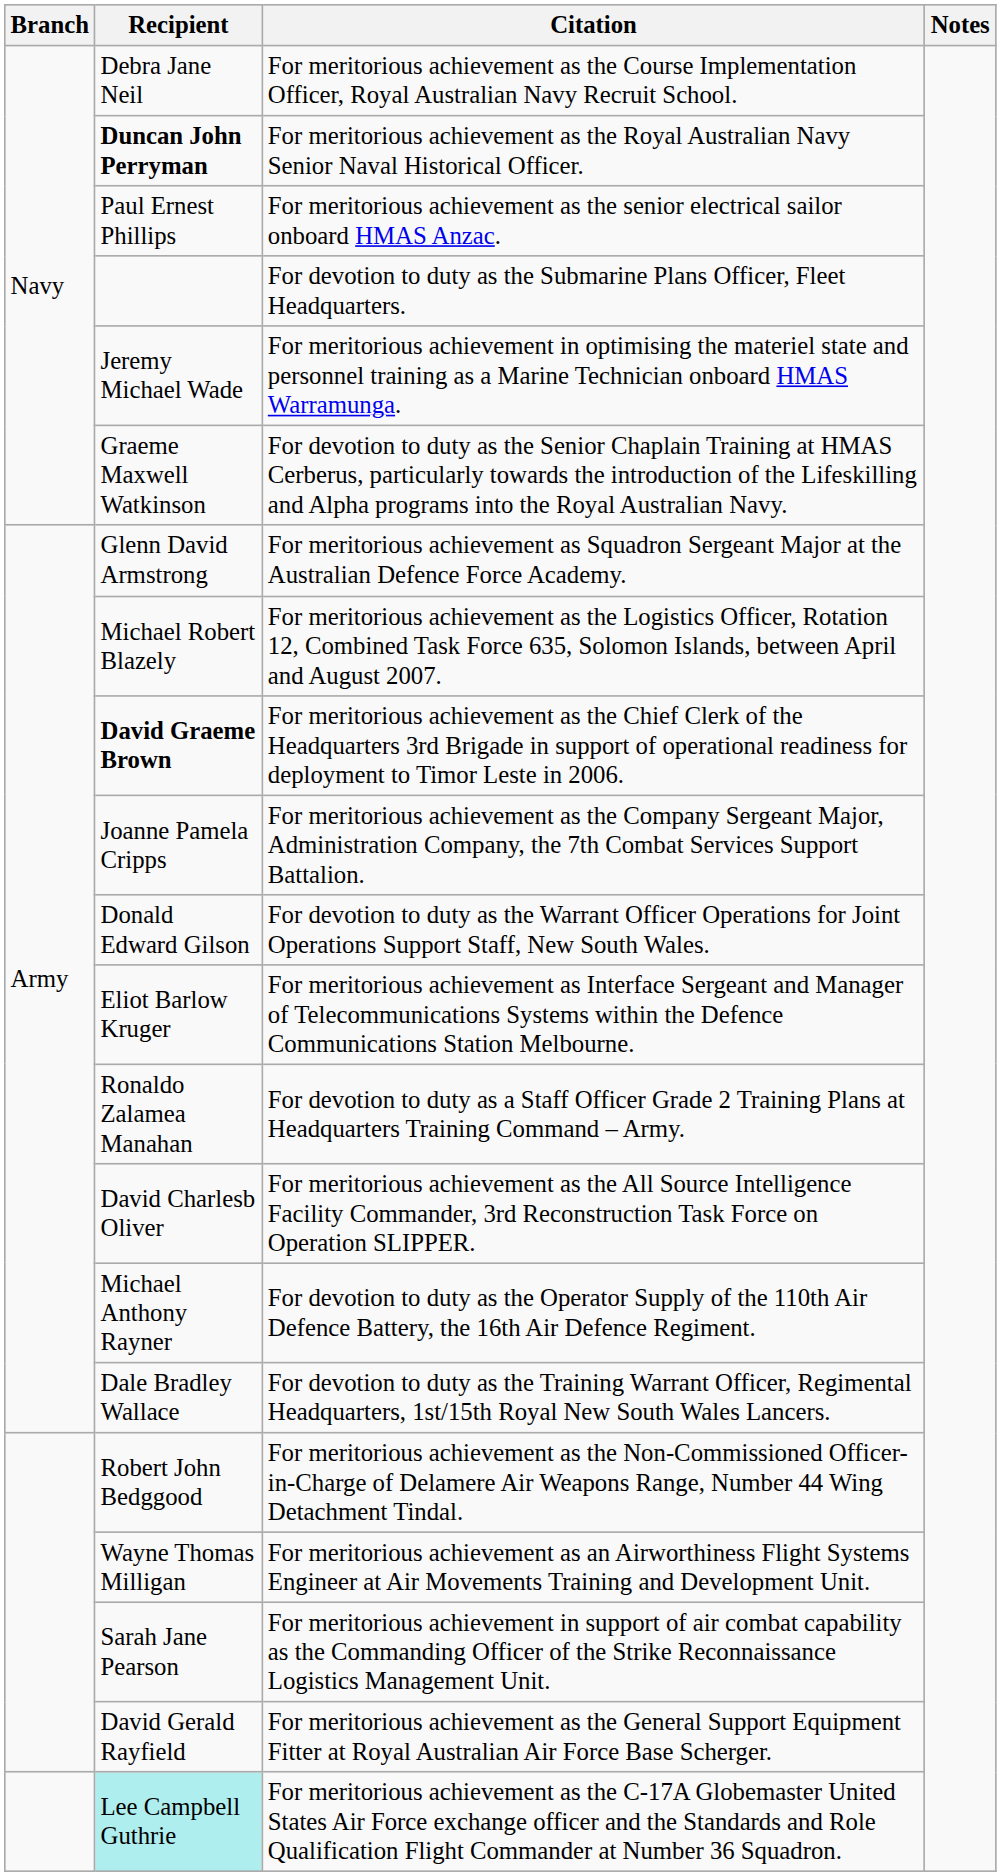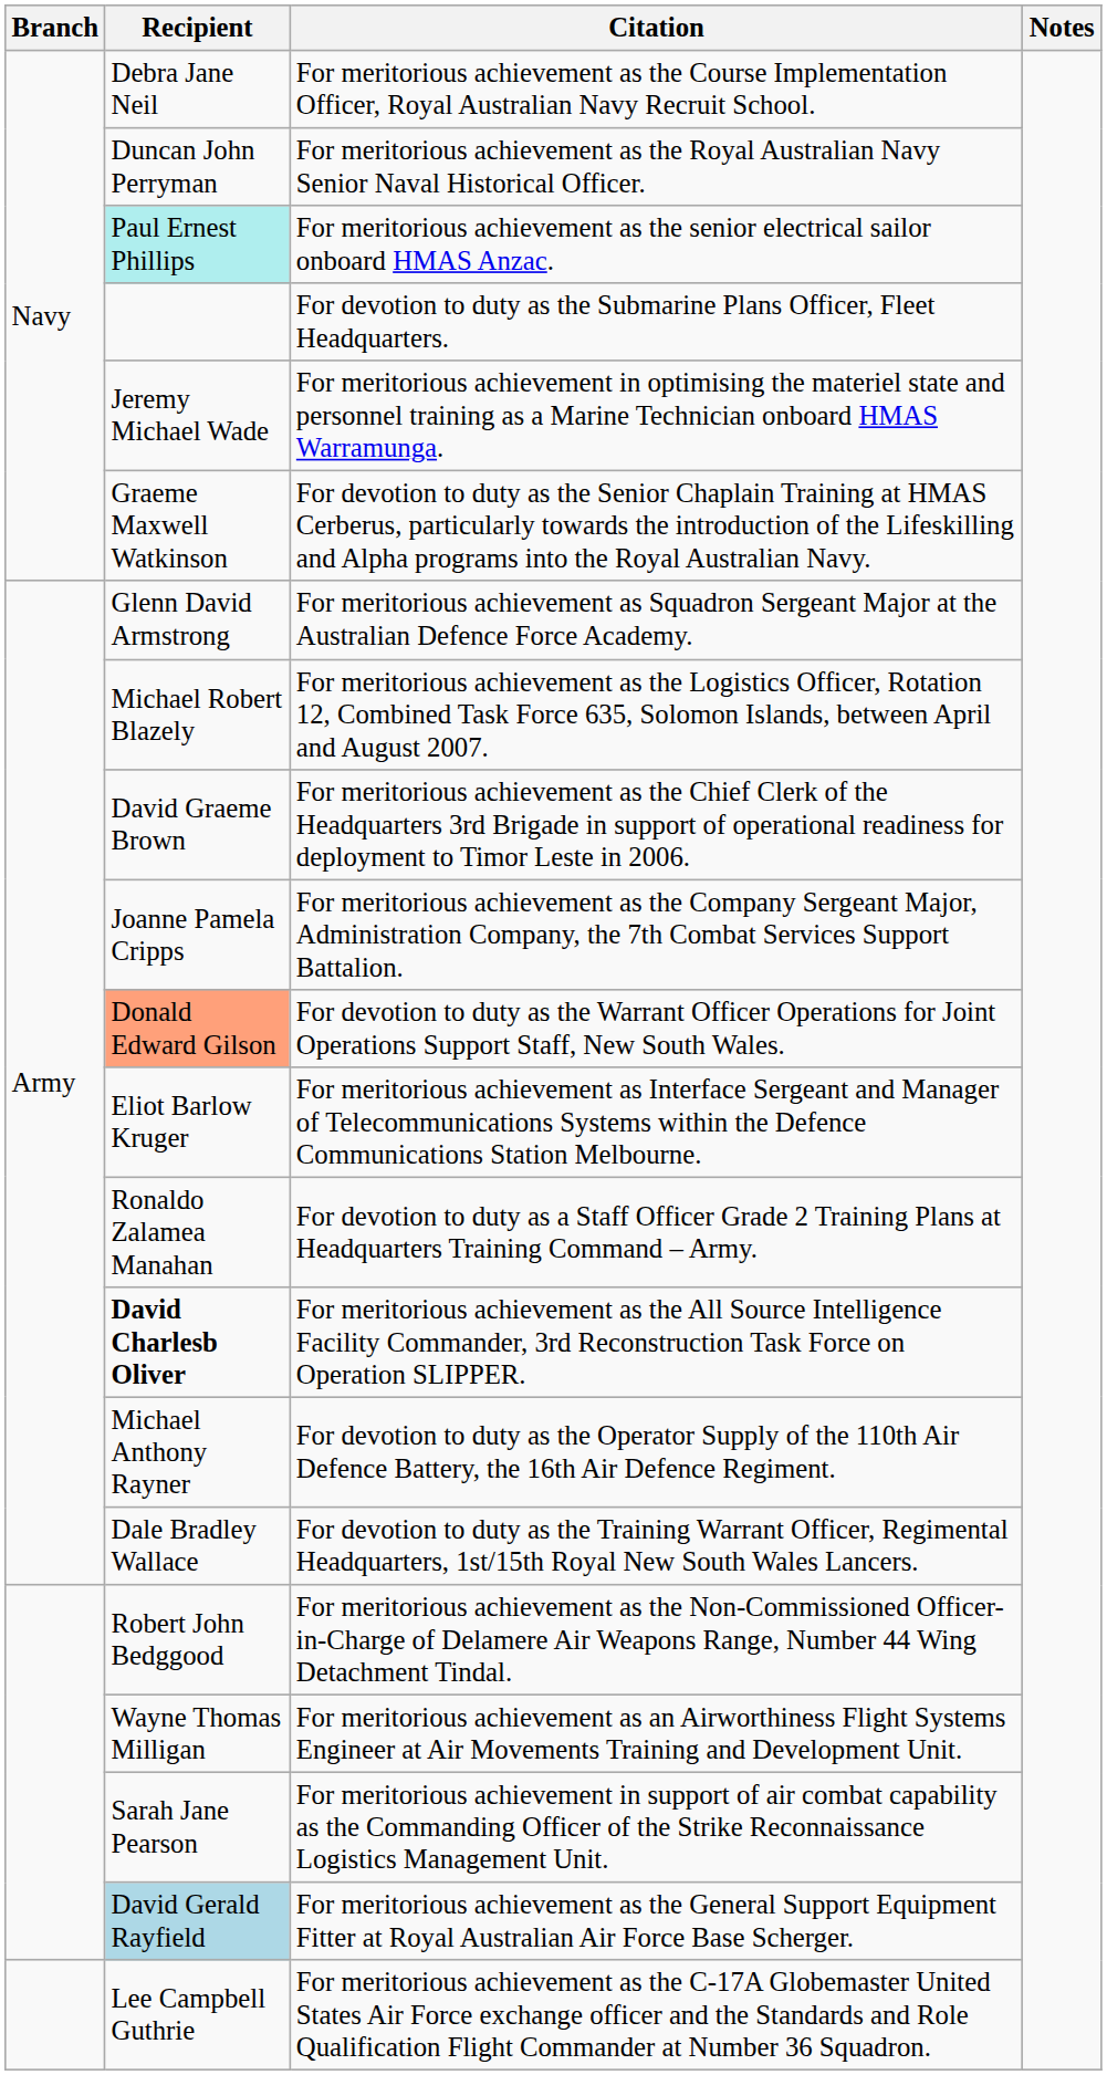 <table class="wikitable" style="font-size:95%;">
 <tr>
 <th>Branch</th>
 <th>Recipient</th>
 <th>Citation</th>
 <th>Notes</th>
 </tr>
 <tr>
 <td rowspan=6>Navy</td>
 <td> Debra Jane Neil </td>
 <td>For meritorious achievement as the Course Implementation Officer, Royal Australian Navy Recruit School.</td>
 <td rowspan=21></td>
 </tr>
 <tr>
-<td><strong> Duncan John Perryman </strong></td>
+<td> Duncan John Perryman </td>
 <td>For meritorious achievement as the Royal Australian Navy Senior Naval Historical Officer.</td>
 </tr>
 <tr>
-<td> Paul Ernest Phillips</td>
+<td style="background: paleturquoise;"> Paul Ernest Phillips</td>
 <td>For meritorious achievement as the senior electrical sailor onboard <a href='#'>HMAS Anzac</a>.</td>
 </tr>
 <tr>
 <td></td>
 <td>For devotion to duty as the Submarine Plans Officer, Fleet Headquarters.</td>
 </tr>
 <tr>
 <td> Jeremy Michael Wade</td>
 <td>For meritorious achievement in optimising the materiel state and personnel training as a Marine Technician onboard <a href='#'>HMAS Warramunga</a>.</td>
 </tr>
 <tr>
 <td> Graeme Maxwell Watkinson </td>
 <td>For devotion to duty as the Senior Chaplain Training at HMAS Cerberus, particularly towards the introduction of the Lifeskilling and Alpha programs into the Royal Australian Navy.</td>
 </tr>
 <tr>
 <td rowspan=10>Army</td>
 <td> Glenn David Armstrong</td>
 <td>For meritorious achievement as Squadron Sergeant Major at the Australian Defence Force Academy.</td>
 </tr>
 <tr>
 <td> Michael Robert Blazely</td>
 <td>For meritorious achievement as the Logistics Officer, Rotation 12, Combined Task Force 635, Solomon Islands, between April and August 2007.</td>
 </tr>
 <tr>
-<td><strong> David Graeme Brown</strong></td>
+<td> David Graeme Brown</td>
 <td>For meritorious achievement as the Chief Clerk of the Headquarters 3rd Brigade in support of operational readiness for deployment to Timor Leste in 2006.</td>
 </tr>
 <tr>
 <td> Joanne Pamela Cripps</td>
 <td>For meritorious achievement as the Company Sergeant Major, Administration Company, the 7th Combat Services Support Battalion.</td>
 </tr>
 <tr>
-<td> Donald Edward Gilson</td>
+<td style="background: lightsalmon;"> Donald Edward Gilson</td>
 <td>For devotion to duty as the Warrant Officer Operations for Joint Operations Support Staff, New South Wales.</td>
 </tr>
 <tr>
 <td> Eliot Barlow Kruger</td>
 <td>For meritorious achievement as Interface Sergeant and Manager of Telecommunications Systems within the Defence Communications Station Melbourne.</td>
 </tr>
 <tr>
 <td> Ronaldo Zalamea Manahan</td>
 <td>For devotion to duty as a Staff Officer Grade 2 Training Plans at Headquarters Training Command – Army.</td>
 </tr>
 <tr>
-<td> David Charlesb Oliver</td>
+<td><strong> David Charlesb Oliver</strong></td>
 <td>For meritorious achievement as the All Source Intelligence Facility Commander, 3rd Reconstruction Task Force on Operation SLIPPER.</td>
 </tr>
 <tr>
 <td> Michael Anthony Rayner</td>
 <td>For devotion to duty as the Operator Supply of the 110th Air Defence Battery, the 16th Air Defence Regiment.</td>
 </tr>
 <tr>
 <td> Dale Bradley Wallace</td>
 <td>For devotion to duty as the Training Warrant Officer, Regimental Headquarters, 1st/15th Royal New South Wales Lancers.</td>
 </tr>
 <tr>
 <td rowspan=4></td>
 <td> Robert John Bedggood</td>
 <td>For meritorious achievement as the Non-Commissioned Officer-in-Charge of Delamere Air Weapons Range, Number 44 Wing Detachment Tindal.</td>
 </tr>
 <tr>
 <td> Wayne Thomas Milligan</td>
 <td>For meritorious achievement as an Airworthiness Flight Systems Engineer at Air Movements Training and Development Unit.</td>
 </tr>
 <tr>
 <td> Sarah Jane Pearson</td>
 <td>For meritorious achievement in support of air combat capability as the Commanding Officer of the Strike Reconnaissance Logistics Management Unit.</td>
 </tr>
 <tr>
-<td> David Gerald Rayfield</td>
+<td style="background: lightblue;"> David Gerald Rayfield</td>
 <td>For meritorious achievement as the General Support Equipment Fitter at Royal Australian Air Force Base Scherger.</td>
 </tr>
 <tr>
 <td></td>
-<td style="background: paleturquoise;"> Lee Campbell Guthrie</td>
+<td> Lee Campbell Guthrie</td>
 <td>For meritorious achievement as the C-17A Globemaster United States Air Force exchange officer and the Standards and Role Qualification Flight Commander at Number 36 Squadron.</td>
 </tr>
 </table>
